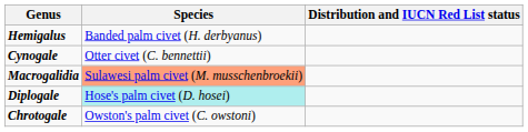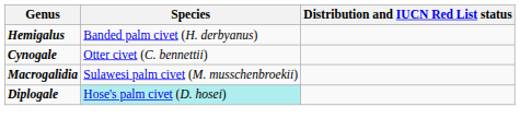 <table class="wikitable">
 <tr>
 <th>Genus</th>
 <th>Species</th>
 <th>Distribution and <a href='#'>IUCN Red List</a> status</th>
 </tr>
 <tr style="vertical-align:top;">
 <td><strong><em>Hemigalus</em></strong> </td>
 <td><a href='#'>Banded palm civet</a> (<em>H. derbyanus</em>) <br></td>
 <td><br></td>
 </tr>
 <tr style="vertical-align:top;">
 <td><strong><em>Cynogale</em></strong> </td>
 <td><a href='#'>Otter civet</a> (<em>C. bennettii</em>) <br></td>
 <td><br></td>
 </tr>
 <tr style="vertical-align:top;">
 <td><strong><em>Macrogalidia</em></strong> </td>
-<td style="background: lightsalmon;"><a href='#'>Sulawesi palm civet</a> (<em>M. musschenbroekii</em>) <br></td>
+<td><a href='#'>Sulawesi palm civet</a> (<em>M. musschenbroekii</em>) <br></td>
 <td><br></td>
 </tr>
 <tr style="vertical-align:top;">
 <td><strong><em>Diplogale</em></strong> </td>
 <td style="background: paleturquoise;"><a href='#'>Hose's palm civet</a> (<em>D. hosei</em>) <br></td>
 <td><br></td>
 </tr>
-<tr style="vertical-align:top;">
-<td><strong><em>Chrotogale</em></strong> </td>
-<td><a href='#'>Owston's palm civet</a> (<em>C. owstoni</em>) <br></td>
-<td><br></td>
-</tr>
 </table>
